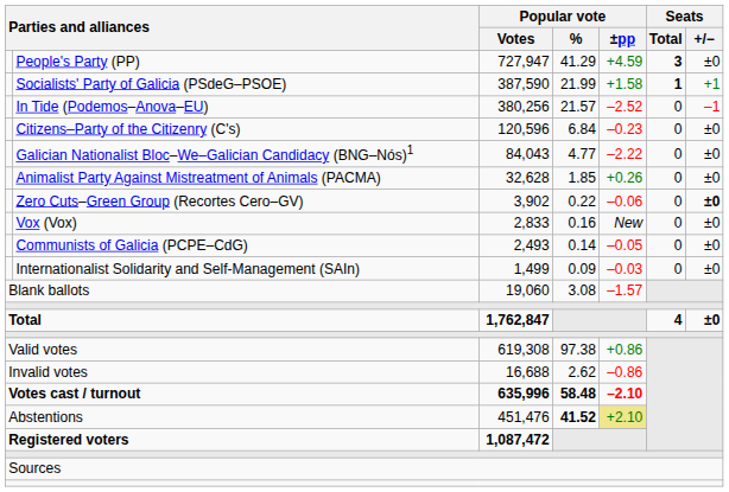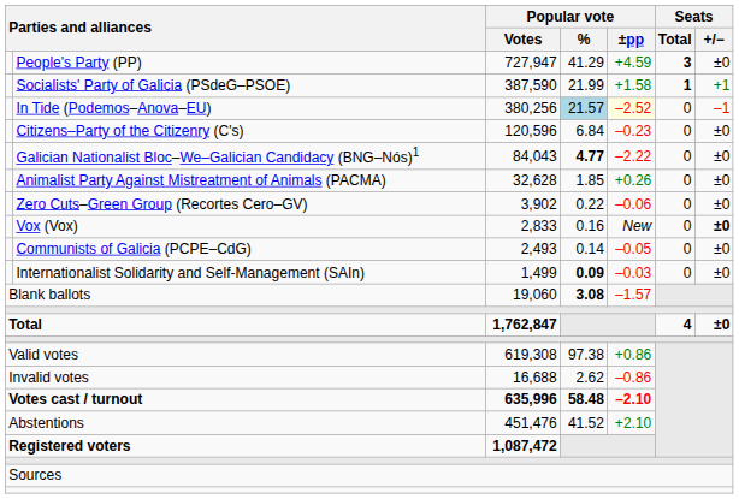 <table class="wikitable" style="text-align:right;">
 <tr>
 <th style="text-align:left;" rowspan="2" colspan="2" width="525">Parties and alliances</th>
 <th colspan="3">Popular vote</th>
 <th colspan="2">Seats</th>
 </tr>
 <tr>
 <th width="75">Votes</th>
 <th width="45">%</th>
 <th width="45">±<a href='#'>pp</a></th>
 <th width="35">Total</th>
 <th width="35">+/−</th>
 </tr>
 <tr>
 <td width="1" style="color:inherit;background:"></td>
 <td align="left"><a href='#'>People's Party</a> (PP)</td>
 <td>727,947</td>
 <td>41.29</td>
 <td style="color:green;">+4.59</td>
 <td><strong>3</strong></td>
 <td>±0</td>
 </tr>
 <tr>
 <td style="color:inherit;background:"></td>
 <td align="left"><a href='#'>Socialists' Party of Galicia</a> (PSdeG–PSOE)</td>
 <td>387,590</td>
 <td>21.99</td>
 <td style="color:green;">+1.58</td>
 <td><strong>1</strong></td>
 <td style="color:green;">+1</td>
 </tr>
 <tr>
 <td style="color:inherit;background:"></td>
 <td align="left"><a href='#'>In Tide</a> (<a href='#'>Podemos</a>–<a href='#'>Anova</a>–<a href='#'>EU</a>)</td>
 <td>380,256</td>
-<td>21.57</td>
-<td style="color:red;">–2.52</td>
+<td style="background: lightblue;">21.57</td>
+<td style="background: lightyellow; color:red;">–2.52</td>
 <td>0</td>
 <td style="color:red;">–1</td>
 </tr>
 <tr>
 <td style="color:inherit;background:"></td>
 <td align="left"><a href='#'>Citizens–Party of the Citizenry</a> (C's)</td>
 <td>120,596</td>
 <td>6.84</td>
 <td style="color:red;">–0.23</td>
 <td>0</td>
 <td>±0</td>
 </tr>
 <tr>
 <td style="color:inherit;background:"></td>
 <td align="left"><a href='#'>Galician Nationalist Bloc</a>–<a href='#'>We–Galician Candidacy</a> (BNG–Nós)<sup>1</sup></td>
 <td>84,043</td>
-<td>4.77</td>
+<td><strong>4.77</strong></td>
 <td style="color:red;">–2.22</td>
 <td>0</td>
 <td>±0</td>
 </tr>
 <tr>
 <td style="color:inherit;background:"></td>
 <td align="left"><a href='#'>Animalist Party Against Mistreatment of Animals</a> (PACMA)</td>
 <td>32,628</td>
 <td>1.85</td>
 <td style="color:green;">+0.26</td>
 <td>0</td>
 <td>±0</td>
 </tr>
 <tr>
 <td style="color:inherit;background:"></td>
 <td align="left"><a href='#'>Zero Cuts</a>–<a href='#'>Green Group</a> (Recortes Cero–GV)</td>
 <td>3,902</td>
 <td>0.22</td>
 <td style="color:red;">–0.06</td>
 <td>0</td>
-<td><strong>±0</strong></td>
+<td>±0</td>
 </tr>
 <tr>
 <td style="color:inherit;background:"></td>
 <td align="left"><a href='#'>Vox</a> (Vox)</td>
 <td>2,833</td>
 <td>0.16</td>
 <td><em>New</em></td>
 <td>0</td>
-<td>±0</td>
+<td><strong>±0</strong></td>
 </tr>
 <tr>
 <td style="color:inherit;background:"></td>
 <td align="left"><a href='#'>Communists of Galicia</a> (PCPE–CdG)</td>
 <td>2,493</td>
 <td>0.14</td>
 <td style="color:red;">–0.05</td>
 <td>0</td>
 <td>±0</td>
 </tr>
 <tr>
 <td style="color:inherit;background:"></td>
 <td align="left">Internationalist Solidarity and Self-Management (SAIn)</td>
 <td>1,499</td>
-<td>0.09</td>
+<td><strong>0.09</strong></td>
 <td style="color:red;">–0.03</td>
 <td>0</td>
 <td>±0</td>
 </tr>
 <tr>
 <td align="left" colspan="2">Blank ballots</td>
 <td>19,060</td>
-<td>3.08</td>
+<td><strong>3.08</strong></td>
 <td style="color:red;">–1.57</td>
 <td bgcolor="#E9E9E9" colspan="2"></td>
 </tr>
 <tr>
 <td colspan="7" bgcolor="#E9E9E9"></td>
 </tr>
 <tr style="font-weight:bold;">
 <td align="left" colspan="2">Total</td>
 <td>1,762,847</td>
 <td bgcolor="#E9E9E9" colspan="2"></td>
 <td>4</td>
 <td>±0</td>
 </tr>
 <tr>
 <td colspan="7" bgcolor="#E9E9E9"></td>
 </tr>
 <tr>
 <td align="left" colspan="2">Valid votes</td>
 <td>619,308</td>
 <td>97.38</td>
 <td style="color:green;">+0.86</td>
 <td bgcolor="#E9E9E9" colspan="2" rowspan="5"></td>
 </tr>
 <tr>
 <td align="left" colspan="2">Invalid votes</td>
 <td>16,688</td>
 <td>2.62</td>
 <td style="color:red;">–0.86</td>
 </tr>
 <tr style="font-weight:bold;">
 <td align="left" colspan="2">Votes cast / turnout</td>
 <td>635,996</td>
 <td>58.48</td>
 <td style="color:red;">–2.10</td>
 </tr>
 <tr>
 <td align="left" colspan="2">Abstentions</td>
 <td>451,476</td>
-<td><strong>41.52</strong></td>
-<td style="background: khaki; color:green;">+2.10</td>
+<td>41.52</td>
+<td style="color:green;">+2.10</td>
 </tr>
 <tr style="font-weight:bold;">
 <td align="left" colspan="2">Registered voters</td>
 <td>1,087,472</td>
 <td bgcolor="#E9E9E9" colspan="2"></td>
 </tr>
 <tr>
 <td colspan="7" bgcolor="#E9E9E9"></td>
 </tr>
 <tr>
 <td align="left" colspan="7">Sources</td>
 </tr>
 <tr>
 <td colspan="7" style="text-align:left; max-width:790px;"></td>
 </tr>
 </table>
